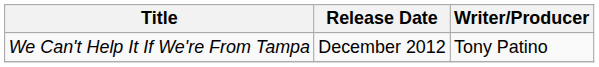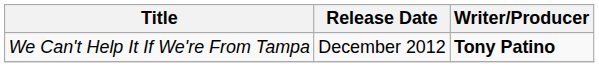 <table class="wikitable sortable">
 <tr>
 <th>Title</th>
 <th>Release Date</th>
 <th>Writer/Producer</th>
 </tr>
 <tr>
 <td><em>We Can't Help It If We're From Tampa </em></td>
 <td>December 2012</td>
-<td>Tony Patino</td>
+<td><strong>Tony Patino</strong></td>
 </tr>
 <tr>
 </tr>
 </table>
